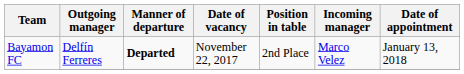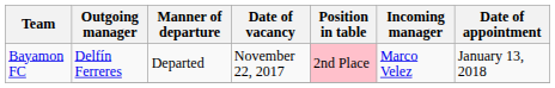 <table class="wikitable sortable">
 <tr>
 <th>Team</th>
 <th>Outgoing manager</th>
 <th>Manner of departure</th>
 <th>Date of vacancy</th>
 <th>Position in table</th>
 <th>Incoming manager</th>
 <th>Date of appointment</th>
 </tr>
 <tr>
 <td rowspan=2><a href='#'>Bayamon FC</a></td>
 <td> <a href='#'>Delfín Ferreres</a></td>
-<td><strong>Departed</strong></td>
+<td>Departed</td>
 <td>November 22, 2017</td>
-<td>2nd Place</td>
+<td style="background: pink;">2nd Place</td>
 <td> <a href='#'>Marco Velez</a></td>
 <td>January 13, 2018</td>
 </tr>
 <tr>
 </tr>
 </table>
